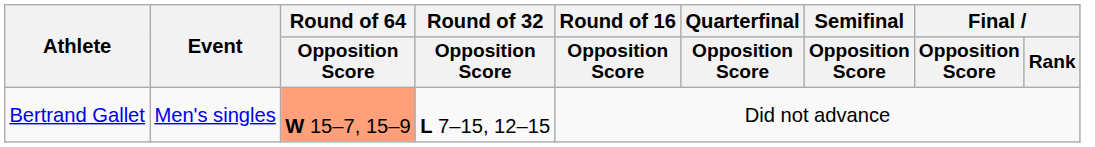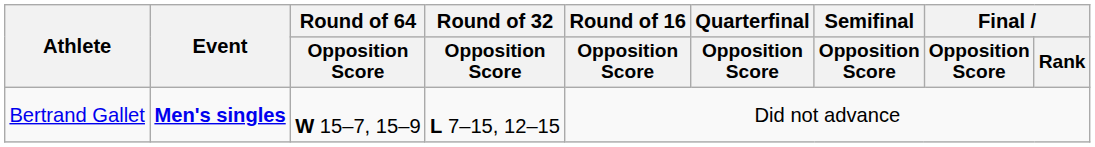 <table class=wikitable style="font-size:90%">
 <tr>
 <th rowspan="2">Athlete</th>
 <th rowspan="2">Event</th>
 <th>Round of 64</th>
 <th>Round of 32</th>
 <th>Round of 16</th>
 <th>Quarterfinal</th>
 <th>Semifinal</th>
 <th colspan=2>Final / </th>
 </tr>
 <tr style="font-size:95%">
 <th>Opposition<br>Score</th>
 <th>Opposition<br>Score</th>
 <th>Opposition<br>Score</th>
 <th>Opposition<br>Score</th>
 <th>Opposition<br>Score</th>
 <th>Opposition<br>Score</th>
 <th>Rank</th>
 </tr>
 <tr>
 <td align=left><a href='#'>Bertrand Gallet</a></td>
-<td align=left><a href='#'>Men's singles</a></td>
-<td align=center style="background: lightsalmon;"><br><strong>W</strong> 15–7, 15–9</td>
+<td align=left><strong><a href='#'>Men's singles</a></strong></td>
+<td align=center><br><strong>W</strong> 15–7, 15–9</td>
 <td align=center><br><strong>L</strong> 7–15, 12–15</td>
 <td align=center colspan="5">Did not advance</td>
 </tr>
 </table>
